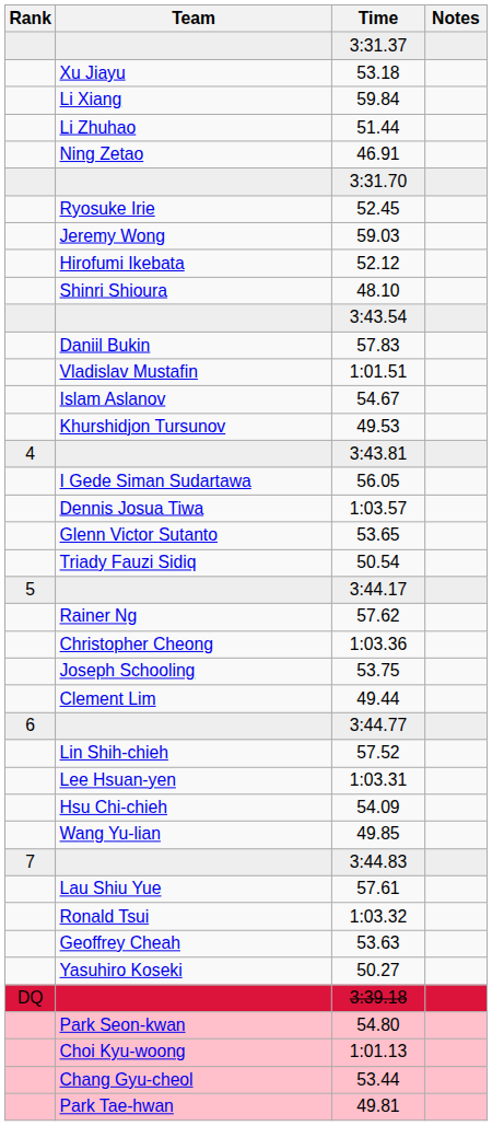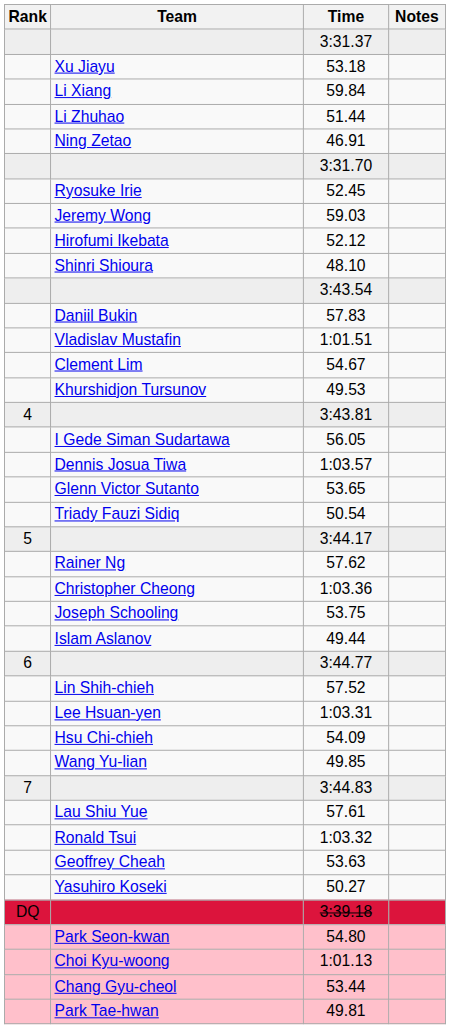 <table class="wikitable" style="text-align:center">
 <tr>
 <th width=40>Rank</th>
 <th width=250>Team</th>
 <th width=80>Time</th>
 <th width=50>Notes</th>
 </tr>
 <tr bgcolor=eeeeee>
 <td></td>
 <td align=left></td>
 <td>3:31.37</td>
 <td></td>
 </tr>
 <tr>
 <td></td>
 <td align=left><a href='#'>Xu Jiayu</a></td>
 <td>53.18</td>
 <td></td>
 </tr>
 <tr>
 <td></td>
 <td align=left><a href='#'>Li Xiang</a></td>
 <td>59.84</td>
 <td></td>
 </tr>
 <tr>
 <td></td>
 <td align=left><a href='#'>Li Zhuhao</a></td>
 <td>51.44</td>
 <td></td>
 </tr>
 <tr>
 <td></td>
 <td align=left><a href='#'>Ning Zetao</a></td>
 <td>46.91</td>
 <td></td>
 </tr>
 <tr bgcolor=eeeeee>
 <td></td>
 <td align=left></td>
 <td>3:31.70</td>
 <td></td>
 </tr>
 <tr>
 <td></td>
 <td align=left><a href='#'>Ryosuke Irie</a></td>
 <td>52.45</td>
 <td></td>
 </tr>
 <tr>
 <td></td>
 <td align=left><a href='#'>Jeremy Wong</a></td>
 <td>59.03</td>
 <td></td>
 </tr>
 <tr>
 <td></td>
 <td align=left><a href='#'>Hirofumi Ikebata</a></td>
 <td>52.12</td>
 <td></td>
 </tr>
 <tr>
 <td></td>
 <td align=left><a href='#'>Shinri Shioura</a></td>
 <td>48.10</td>
 <td></td>
 </tr>
 <tr bgcolor=eeeeee>
 <td></td>
 <td align=left></td>
 <td>3:43.54</td>
 <td></td>
 </tr>
 <tr>
 <td></td>
 <td align=left><a href='#'>Daniil Bukin</a></td>
 <td>57.83</td>
 <td></td>
 </tr>
 <tr>
 <td></td>
 <td align=left><a href='#'>Vladislav Mustafin</a></td>
 <td>1:01.51</td>
 <td></td>
 </tr>
 <tr>
 <td></td>
-<td align=left><a href='#'>Islam Aslanov</a></td>
+<td align=left><a href='#'>Clement Lim</a></td>
 <td>54.67</td>
 <td></td>
 </tr>
 <tr>
 <td></td>
 <td align=left><a href='#'>Khurshidjon Tursunov</a></td>
 <td>49.53</td>
 <td></td>
 </tr>
 <tr bgcolor=eeeeee>
 <td>4</td>
 <td align=left></td>
 <td>3:43.81</td>
 <td></td>
 </tr>
 <tr>
 <td></td>
 <td align=left><a href='#'>I Gede Siman Sudartawa</a></td>
 <td>56.05</td>
 <td></td>
 </tr>
 <tr>
 <td></td>
 <td align=left><a href='#'>Dennis Josua Tiwa</a></td>
 <td>1:03.57</td>
 <td></td>
 </tr>
 <tr>
 <td></td>
 <td align=left><a href='#'>Glenn Victor Sutanto</a></td>
 <td>53.65</td>
 <td></td>
 </tr>
 <tr>
 <td></td>
 <td align=left><a href='#'>Triady Fauzi Sidiq</a></td>
 <td>50.54</td>
 <td></td>
 </tr>
 <tr bgcolor=eeeeee>
 <td>5</td>
 <td align=left></td>
 <td>3:44.17</td>
 <td></td>
 </tr>
 <tr>
 <td></td>
 <td align=left><a href='#'>Rainer Ng</a></td>
 <td>57.62</td>
 <td></td>
 </tr>
 <tr>
 <td></td>
 <td align=left><a href='#'>Christopher Cheong</a></td>
 <td>1:03.36</td>
 <td></td>
 </tr>
 <tr>
 <td></td>
 <td align=left><a href='#'>Joseph Schooling</a></td>
 <td>53.75</td>
 <td></td>
 </tr>
 <tr>
 <td></td>
-<td align=left><a href='#'>Clement Lim</a></td>
+<td align=left><a href='#'>Islam Aslanov</a></td>
 <td>49.44</td>
 <td></td>
 </tr>
 <tr bgcolor=eeeeee>
 <td>6</td>
 <td align=left></td>
 <td>3:44.77</td>
 <td></td>
 </tr>
 <tr>
 <td></td>
 <td align=left><a href='#'>Lin Shih-chieh</a></td>
 <td>57.52</td>
 <td></td>
 </tr>
 <tr>
 <td></td>
 <td align=left><a href='#'>Lee Hsuan-yen</a></td>
 <td>1:03.31</td>
 <td></td>
 </tr>
 <tr>
 <td></td>
 <td align=left><a href='#'>Hsu Chi-chieh</a></td>
 <td>54.09</td>
 <td></td>
 </tr>
 <tr>
 <td></td>
 <td align=left><a href='#'>Wang Yu-lian</a></td>
 <td>49.85</td>
 <td></td>
 </tr>
 <tr bgcolor=eeeeee>
 <td>7</td>
 <td align=left></td>
 <td>3:44.83</td>
 <td></td>
 </tr>
 <tr>
 <td></td>
 <td align=left><a href='#'>Lau Shiu Yue</a></td>
 <td>57.61</td>
 <td></td>
 </tr>
 <tr>
 <td></td>
 <td align=left><a href='#'>Ronald Tsui</a></td>
 <td>1:03.32</td>
 <td></td>
 </tr>
 <tr>
 <td></td>
 <td align=left><a href='#'>Geoffrey Cheah</a></td>
 <td>53.63</td>
 <td></td>
 </tr>
 <tr>
 <td></td>
 <td align=left><a href='#'>Yasuhiro Koseki</a></td>
 <td>50.27</td>
 <td></td>
 </tr>
 <tr bgcolor=Crimson>
 <td>DQ</td>
 <td align=left></td>
 <td><s>3:39.18</s></td>
 <td></td>
 </tr>
 <tr bgcolor=pink>
 <td></td>
 <td align=left><a href='#'>Park Seon-kwan</a></td>
 <td>54.80</td>
 <td></td>
 </tr>
 <tr bgcolor=pink>
 <td></td>
 <td align=left><a href='#'>Choi Kyu-woong</a></td>
 <td>1:01.13</td>
 <td></td>
 </tr>
 <tr bgcolor=pink>
 <td></td>
 <td align=left><a href='#'>Chang Gyu-cheol</a></td>
 <td>53.44</td>
 <td></td>
 </tr>
 <tr bgcolor=pink>
 <td></td>
 <td align=left><a href='#'>Park Tae-hwan</a></td>
 <td>49.81</td>
 <td></td>
 </tr>
 </table>
